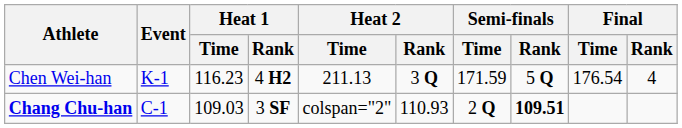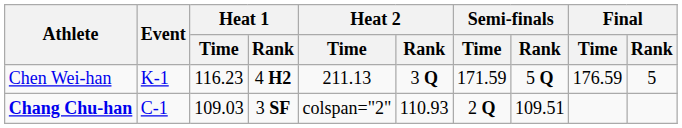 <table class="wikitable" style="font-size:90%; text-align:center">
 <tr>
 <th rowspan="2">Athlete</th>
 <th rowspan="2">Event</th>
 <th colspan="2">Heat 1</th>
 <th colspan="2">Heat 2</th>
 <th colspan="2">Semi-finals</th>
 <th colspan="2">Final</th>
 </tr>
 <tr>
 <th>Time</th>
 <th>Rank</th>
 <th>Time</th>
 <th>Rank</th>
 <th>Time</th>
 <th>Rank</th>
 <th>Time</th>
 <th>Rank</th>
 </tr>
 <tr>
 <td align="left"><a href='#'>Chen Wei-han</a></td>
 <td align="left"><a href='#'>K-1</a></td>
 <td>116.23</td>
 <td>4 <strong>H2</strong></td>
 <td>211.13</td>
 <td>3 <strong>Q</strong></td>
 <td>171.59</td>
 <td>5 <strong>Q</strong></td>
-<td>176.54</td>
-<td>4</td>
+<td>176.59</td>
+<td>5</td>
 </tr>
 <tr>
 <td align="left"><strong><a href='#'>Chang Chu-han</a></strong></td>
 <td align="left"><a href='#'>C-1</a></td>
 <td>109.03</td>
 <td>3 <strong>SF</strong></td>
 <td>colspan="2" </td>
 <td>110.93</td>
 <td>2 <strong>Q</strong></td>
-<td><strong>109.51</strong></td>
+<td>109.51</td>
 <td></td>
 </tr>
 </table>
